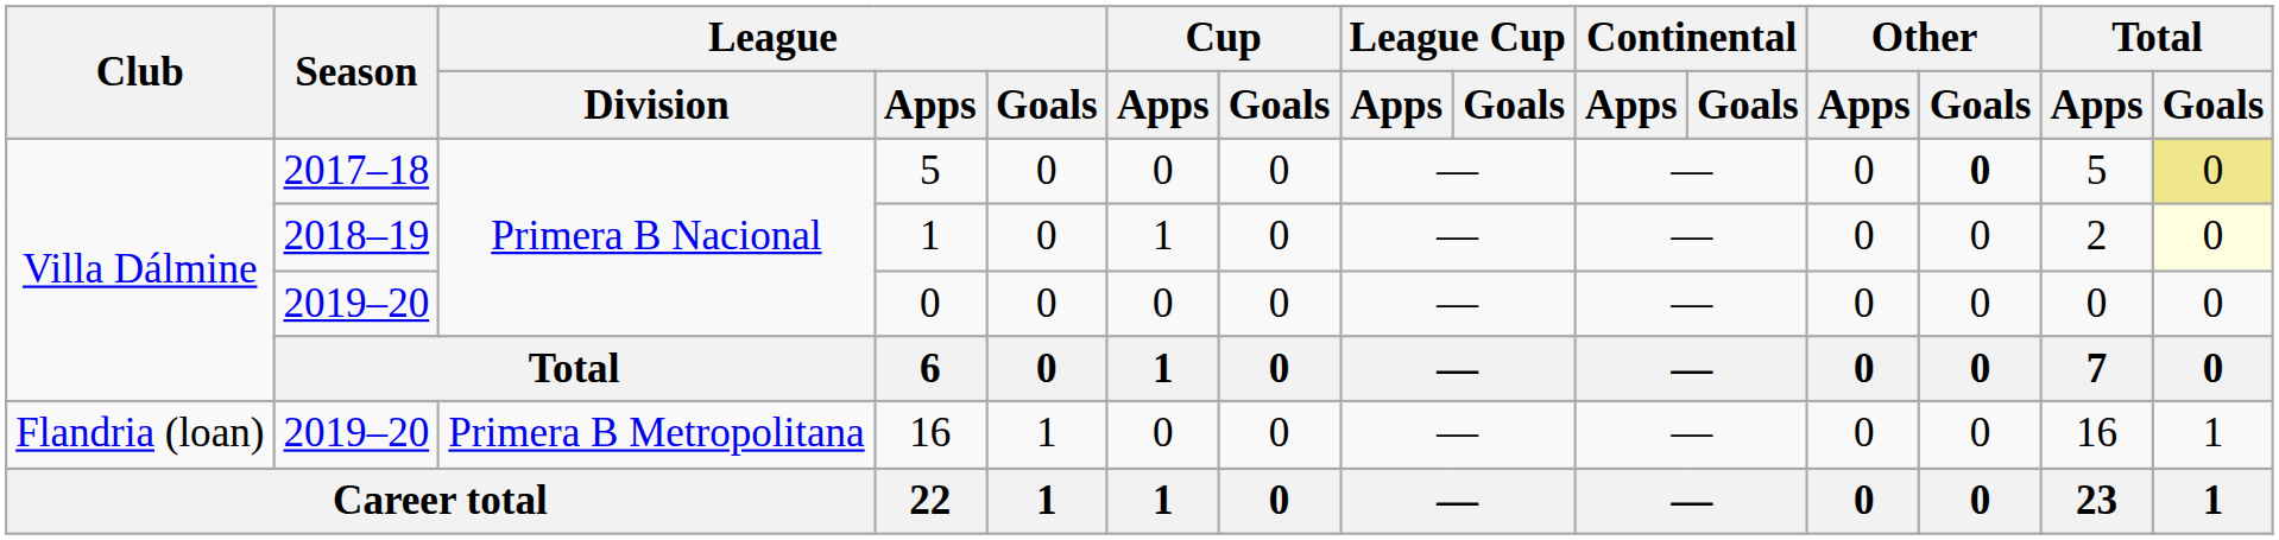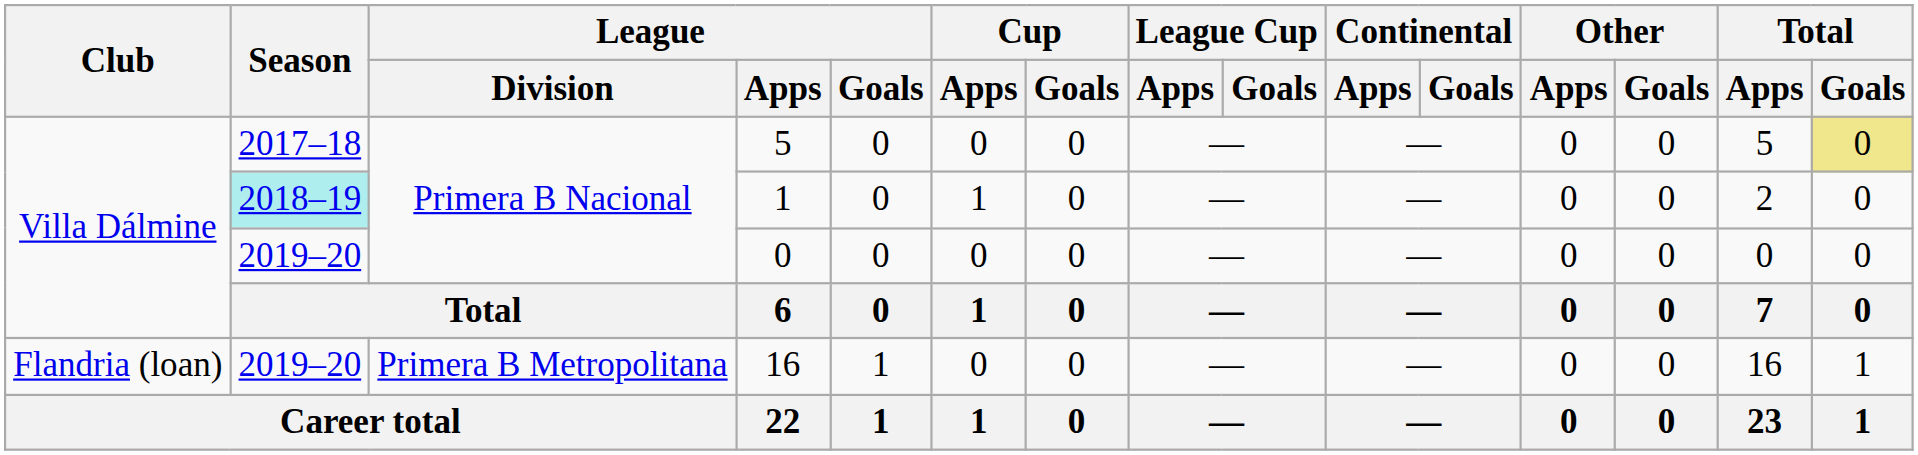 <table class="wikitable" style="text-align:center">
 <tr>
 <th rowspan="2">Club</th>
 <th rowspan="2">Season</th>
 <th colspan="3">League</th>
 <th colspan="2">Cup</th>
 <th colspan="2">League Cup</th>
 <th colspan="2">Continental</th>
 <th colspan="2">Other</th>
 <th colspan="2">Total</th>
 </tr>
 <tr>
 <th>Division</th>
 <th>Apps</th>
 <th>Goals</th>
 <th>Apps</th>
 <th>Goals</th>
 <th>Apps</th>
 <th>Goals</th>
 <th>Apps</th>
 <th>Goals</th>
 <th>Apps</th>
 <th>Goals</th>
 <th>Apps</th>
 <th>Goals</th>
 </tr>
 <tr>
 <td rowspan="4"><a href='#'>Villa Dálmine</a></td>
 <td><a href='#'>2017–18</a></td>
 <td rowspan="3"><a href='#'>Primera B Nacional</a></td>
 <td>5</td>
 <td>0</td>
 <td>0</td>
 <td>0</td>
 <td colspan="2">—</td>
 <td colspan="2">—</td>
 <td>0</td>
-<td><strong>0</strong></td>
+<td>0</td>
 <td>5</td>
 <td style="background: khaki;">0</td>
 </tr>
 <tr>
-<td><a href='#'>2018–19</a></td>
+<td style="background: paleturquoise;"><a href='#'>2018–19</a></td>
 <td>1</td>
 <td>0</td>
 <td>1</td>
 <td>0</td>
 <td colspan="2">—</td>
 <td colspan="2">—</td>
 <td>0</td>
 <td>0</td>
 <td>2</td>
-<td style="background: lightyellow;">0</td>
+<td>0</td>
 </tr>
 <tr>
 <td><a href='#'>2019–20</a></td>
 <td>0</td>
 <td>0</td>
 <td>0</td>
 <td>0</td>
 <td colspan="2">—</td>
 <td colspan="2">—</td>
 <td>0</td>
 <td>0</td>
 <td>0</td>
 <td>0</td>
 </tr>
 <tr>
 <th colspan="2">Total</th>
 <th>6</th>
 <th>0</th>
 <th>1</th>
 <th>0</th>
 <th colspan="2">—</th>
 <th colspan="2">—</th>
 <th>0</th>
 <th>0</th>
 <th>7</th>
 <th>0</th>
 </tr>
 <tr>
 <td rowspan="1"><a href='#'>Flandria</a> (loan)</td>
 <td><a href='#'>2019–20</a></td>
 <td rowspan="1"><a href='#'>Primera B Metropolitana</a></td>
 <td>16</td>
 <td>1</td>
 <td>0</td>
 <td>0</td>
 <td colspan="2">—</td>
 <td colspan="2">—</td>
 <td>0</td>
 <td>0</td>
 <td>16</td>
 <td>1</td>
 </tr>
 <tr>
 <th colspan="3">Career total</th>
 <th>22</th>
 <th>1</th>
 <th>1</th>
 <th>0</th>
 <th colspan="2">—</th>
 <th colspan="2">—</th>
 <th>0</th>
 <th>0</th>
 <th>23</th>
 <th>1</th>
 </tr>
 </table>
